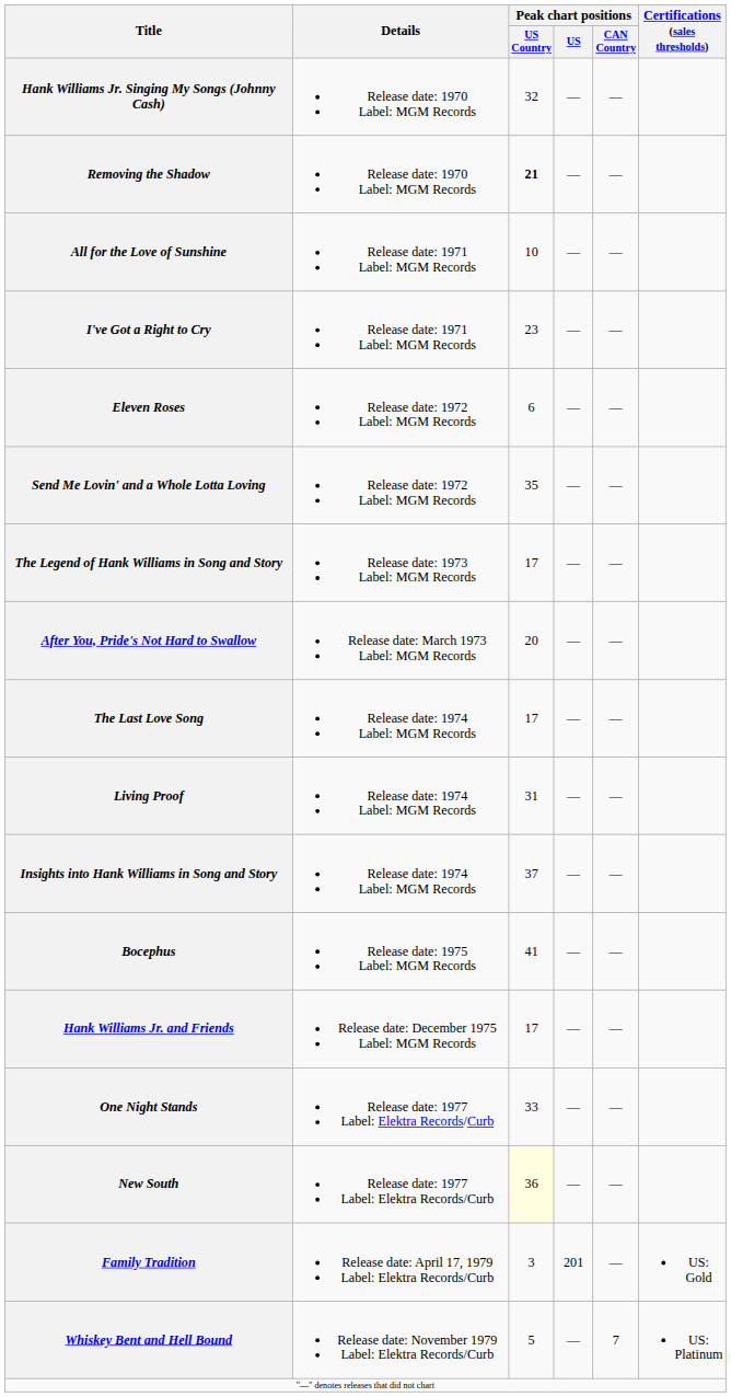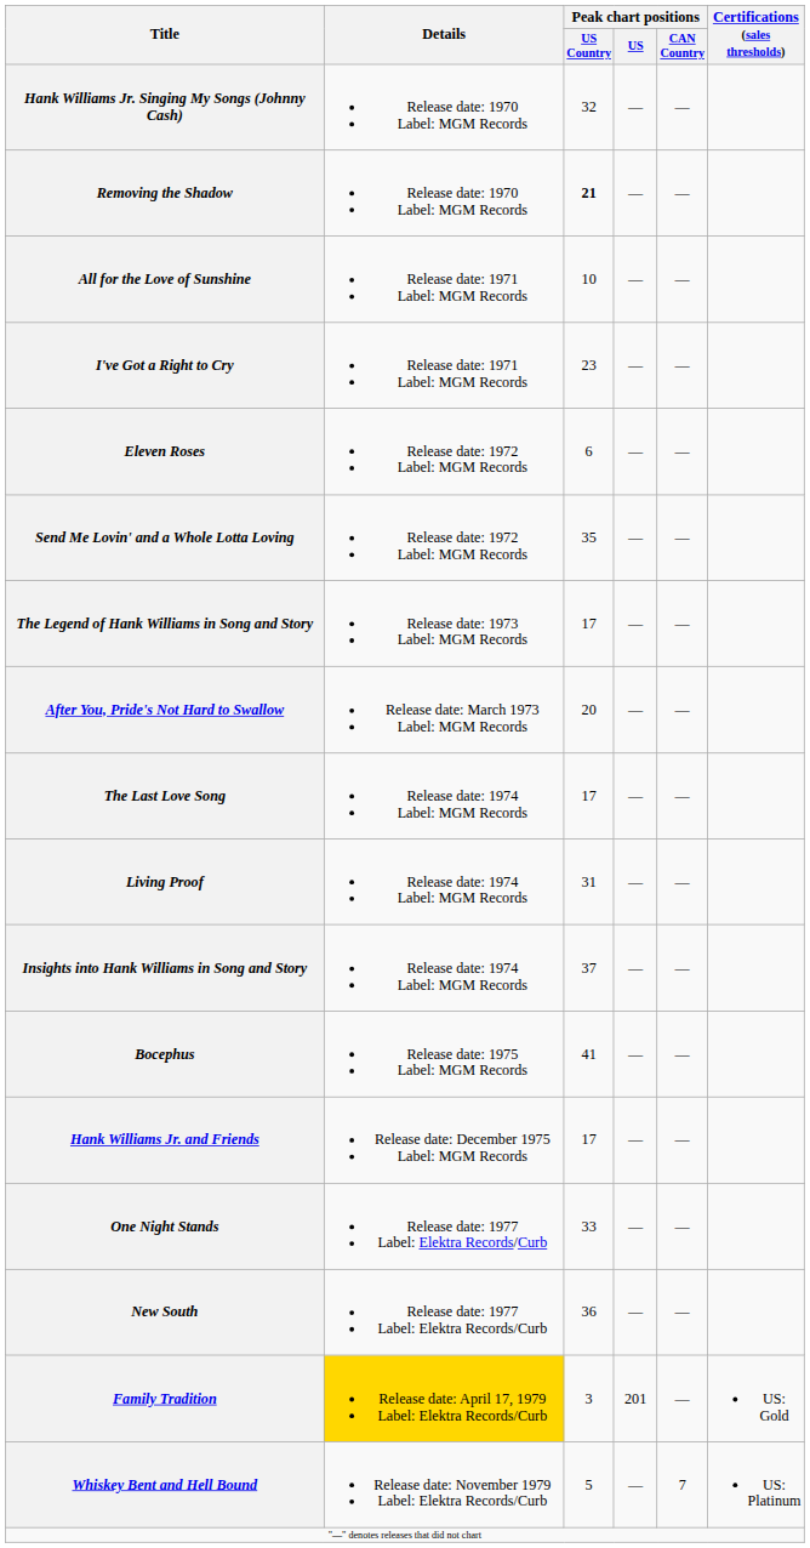 <table class="wikitable plainrowheaders" style="text-align:center;">
 <tr>
 <th rowspan="2" style="width:26em;">Title</th>
 <th rowspan="2" style="width:18em;">Details</th>
 <th colspan="3">Peak chart positions</th>
 <th rowspan="2"><a href='#'>Certifications</a><br><small>(<a href='#'>sales thresholds</a>)</small></th>
 </tr>
 <tr style="font-size:smaller;">
 <th style="width:45px;"><a href='#'>US Country</a></th>
 <th style="width:45px;"><a href='#'>US</a></th>
 <th style="width:45px;"><a href='#'>CAN Country</a></th>
 </tr>
 <tr>
 <th scope="row"><em>Hank Williams Jr. Singing My Songs (Johnny Cash)</em></th>
 <td><br><ul><li>Release date: 1970</li><li>Label: MGM Records</li></ul></td>
 <td>32</td>
 <td>—</td>
 <td>—</td>
 <td></td>
 </tr>
 <tr>
 <th scope="row"><em>Removing the Shadow</em></th>
 <td><br><ul><li>Release date: 1970</li><li>Label: MGM Records</li></ul></td>
 <td><strong>21</strong></td>
 <td>—</td>
 <td>—</td>
 <td></td>
 </tr>
 <tr>
 <th scope="row"><em>All for the Love of Sunshine</em></th>
 <td><br><ul><li>Release date: 1971</li><li>Label: MGM Records</li></ul></td>
 <td>10</td>
 <td>—</td>
 <td>—</td>
 <td></td>
 </tr>
 <tr>
 <th scope="row"><em>I've Got a Right to Cry</em></th>
 <td><br><ul><li>Release date: 1971</li><li>Label: MGM Records</li></ul></td>
 <td>23</td>
 <td>—</td>
 <td>—</td>
 <td></td>
 </tr>
 <tr>
 <th scope="row"><em>Eleven Roses</em></th>
 <td><br><ul><li>Release date: 1972</li><li>Label: MGM Records</li></ul></td>
 <td>6</td>
 <td>—</td>
 <td>—</td>
 <td></td>
 </tr>
 <tr>
 <th scope="row"><em>Send Me Lovin' and a Whole Lotta Loving</em></th>
 <td><br><ul><li>Release date: 1972</li><li>Label: MGM Records</li></ul></td>
 <td>35</td>
 <td>—</td>
 <td>—</td>
 <td></td>
 </tr>
 <tr>
 <th scope="row"><em>The Legend of Hank Williams in Song and Story</em></th>
 <td><br><ul><li>Release date: 1973</li><li>Label: MGM Records</li></ul></td>
 <td>17</td>
 <td>—</td>
 <td>—</td>
 <td></td>
 </tr>
 <tr>
 <th scope="row"><em><a href='#'>After You, Pride's Not Hard to Swallow</a></em></th>
 <td><br><ul><li>Release date: March 1973</li><li>Label: MGM Records</li></ul></td>
 <td>20</td>
 <td>—</td>
 <td>—</td>
 <td></td>
 </tr>
 <tr>
 <th scope="row"><em>The Last Love Song</em></th>
 <td><br><ul><li>Release date: 1974</li><li>Label: MGM Records</li></ul></td>
 <td>17</td>
 <td>—</td>
 <td>—</td>
 <td></td>
 </tr>
 <tr>
 <th scope="row"><em>Living Proof</em></th>
 <td><br><ul><li>Release date: 1974</li><li>Label: MGM Records</li></ul></td>
 <td>31</td>
 <td>—</td>
 <td>—</td>
 <td></td>
 </tr>
 <tr>
 <th scope="row"><em>Insights into Hank Williams in Song and Story</em></th>
 <td><br><ul><li>Release date: 1974</li><li>Label: MGM Records</li></ul></td>
 <td>37</td>
 <td>—</td>
 <td>—</td>
 <td></td>
 </tr>
 <tr>
 <th scope="row"><em>Bocephus</em></th>
 <td><br><ul><li>Release date: 1975</li><li>Label: MGM Records</li></ul></td>
 <td>41</td>
 <td>—</td>
 <td>—</td>
 <td></td>
 </tr>
 <tr>
 <th scope="row"><em><a href='#'>Hank Williams Jr. and Friends</a></em></th>
 <td><br><ul><li>Release date: December 1975</li><li>Label: MGM Records</li></ul></td>
 <td>17</td>
 <td>—</td>
 <td>—</td>
 <td></td>
 </tr>
 <tr>
 <th scope="row"><em>One Night Stands</em></th>
 <td><br><ul><li>Release date: 1977</li><li>Label: <a href='#'>Elektra Records</a>/<a href='#'>Curb</a></li></ul></td>
 <td>33</td>
 <td>—</td>
 <td>—</td>
 <td></td>
 </tr>
 <tr>
 <th scope="row"><em>New South</em></th>
 <td><br><ul><li>Release date: 1977</li><li>Label: Elektra Records/Curb</li></ul></td>
-<td style="background: lightyellow;">36</td>
+<td>36</td>
 <td>—</td>
 <td>—</td>
 <td></td>
 </tr>
 <tr>
 <th scope="row"><em><a href='#'>Family Tradition</a></em></th>
-<td><br><ul><li>Release date: April 17, 1979</li><li>Label: Elektra Records/Curb</li></ul></td>
+<td style="background: gold;"><br><ul><li>Release date: April 17, 1979</li><li>Label: Elektra Records/Curb</li></ul></td>
 <td>3</td>
 <td>201</td>
 <td>—</td>
 <td><br><ul><li>US: Gold</li></ul></td>
 </tr>
 <tr>
 <th scope="row"><em><a href='#'>Whiskey Bent and Hell Bound</a></em></th>
 <td><br><ul><li>Release date: November 1979</li><li>Label: Elektra Records/Curb</li></ul></td>
 <td>5</td>
 <td>—</td>
 <td>7</td>
 <td><br><ul><li>US: Platinum</li></ul></td>
 </tr>
 <tr>
 <td colspan="6" style="font-size:8pt">"—" denotes releases that did not chart</td>
 </tr>
 </table>
